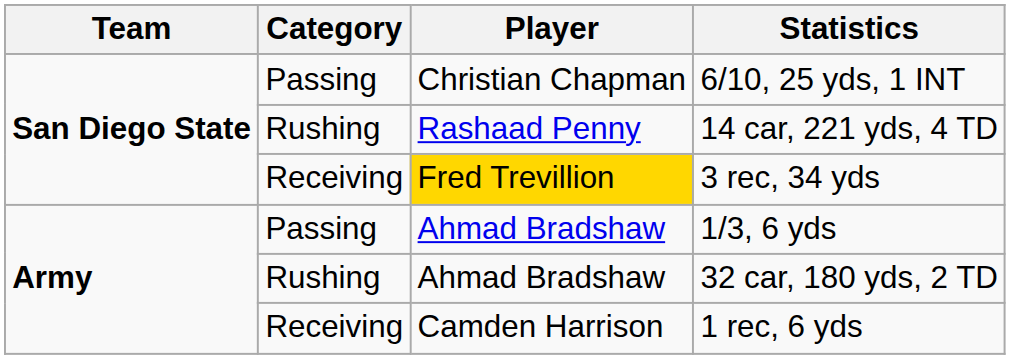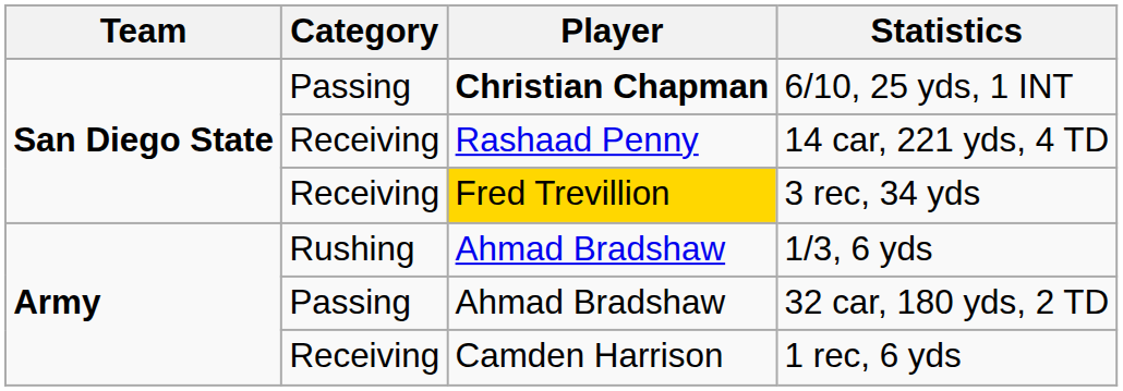 <table class="wikitable">
 <tr>
 <th>Team</th>
 <th>Category</th>
 <th>Player</th>
 <th>Statistics</th>
 </tr>
 <tr>
 <td rowspan=3><strong>San Diego State</strong></td>
 <td>Passing</td>
-<td>Christian Chapman</td>
+<td><strong>Christian Chapman</strong></td>
 <td>6/10, 25 yds, 1 INT</td>
 </tr>
 <tr>
-<td>Rushing</td>
+<td>Receiving</td>
 <td><a href='#'>Rashaad Penny</a></td>
 <td>14 car, 221 yds, 4 TD</td>
 </tr>
 <tr>
 <td>Receiving</td>
 <td style="background: gold;">Fred Trevillion</td>
 <td>3 rec, 34 yds</td>
 </tr>
 <tr>
 <td rowspan=3><strong>Army</strong></td>
-<td>Passing</td>
+<td>Rushing</td>
 <td><a href='#'>Ahmad Bradshaw</a></td>
 <td>1/3, 6 yds</td>
 </tr>
 <tr>
-<td>Rushing</td>
+<td>Passing</td>
 <td>Ahmad Bradshaw</td>
 <td>32 car, 180 yds, 2 TD</td>
 </tr>
 <tr>
 <td>Receiving</td>
 <td>Camden Harrison</td>
 <td>1 rec, 6 yds</td>
 </tr>
 </table>
